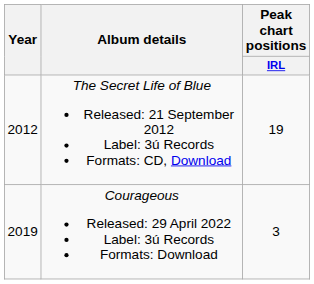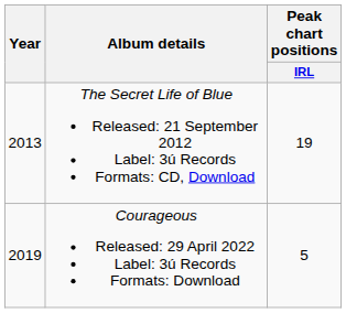 <table class="wikitable" style="text-align: center; ">
 <tr>
 <th rowspan="2">Year</th>
 <th rowspan="2" width="230">Album details</th>
 <th colspan="1">Peak chart positions</th>
 </tr>
 <tr style="font-size: smaller; ">
 <th width="30"><a href='#'>IRL</a></th>
 </tr>
 <tr>
-<td>2012</td>
+<td>2013</td>
 <td><em>The Secret Life of Blue</em><br><ul><li>Released: 21 September 2012</li><li>Label: 3ú Records</li><li>Formats: CD, <a href='#'>Download</a></li></ul></td>
 <td>19</td>
 </tr>
 <tr>
 <td>2019</td>
 <td><em>Courageous</em><br><ul><li>Released: 29 April 2022</li><li>Label: 3ú Records</li><li>Formats: Download</li></ul></td>
-<td>3<br></td>
+<td>5<br></td>
 </tr>
 </table>
